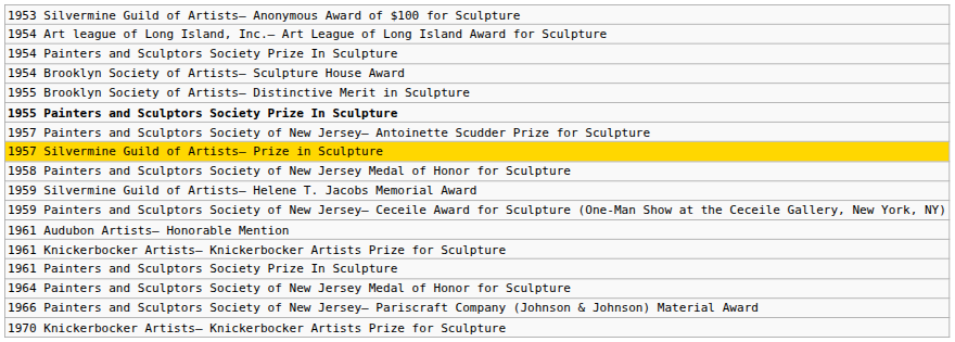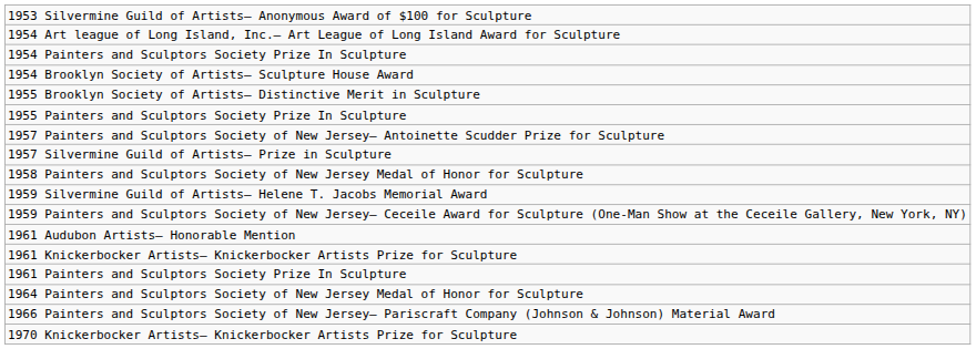 <table class="wikitable">
 <tr>
 <td>1953 Silvermine Guild of Artists— Anonymous Award of $100 for Sculpture</td>
 </tr>
 <tr>
 <td>1954 Art league of Long Island, Inc.— Art League of Long Island Award for Sculpture</td>
 </tr>
 <tr>
 <td>1954 Painters and Sculptors Society Prize In Sculpture</td>
 </tr>
 <tr>
 <td>1954 Brooklyn Society of Artists— Sculpture House Award</td>
 </tr>
 <tr>
 <td>1955 Brooklyn Society of Artists— Distinctive Merit in Sculpture</td>
 </tr>
 <tr>
-<td><strong>1955 Painters and Sculptors Society Prize In Sculpture</strong></td>
+<td>1955 Painters and Sculptors Society Prize In Sculpture</td>
 </tr>
 <tr>
 <td>1957 Painters and Sculptors Society of New Jersey— Antoinette Scudder Prize for Sculpture</td>
 </tr>
 <tr>
-<td style="background: gold;">1957 Silvermine Guild of Artists— Prize in Sculpture</td>
+<td>1957 Silvermine Guild of Artists— Prize in Sculpture</td>
 </tr>
 <tr>
 <td>1958 Painters and Sculptors Society of New Jersey Medal of Honor for Sculpture</td>
 </tr>
 <tr>
 <td>1959 Silvermine Guild of Artists— Helene T. Jacobs Memorial Award</td>
 </tr>
 <tr>
 <td>1959 Painters and Sculptors Society of New Jersey— Ceceile Award for Sculpture (One-Man Show at the Ceceile Gallery, New York, NY)</td>
 </tr>
 <tr>
 <td>1961 Audubon Artists— Honorable Mention</td>
 </tr>
 <tr>
 <td>1961 Knickerbocker Artists— Knickerbocker Artists Prize for Sculpture</td>
 </tr>
 <tr>
 <td>1961 Painters and Sculptors Society Prize In Sculpture</td>
 </tr>
 <tr>
 <td>1964 Painters and Sculptors Society of New Jersey Medal of Honor for Sculpture</td>
 </tr>
 <tr>
 <td>1966 Painters and Sculptors Society of New Jersey— Pariscraft Company (Johnson & Johnson) Material Award</td>
 </tr>
 <tr>
 <td>1970 Knickerbocker Artists— Knickerbocker Artists Prize for Sculpture</td>
 </tr>
 </table>
